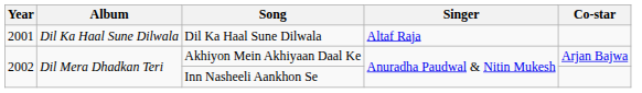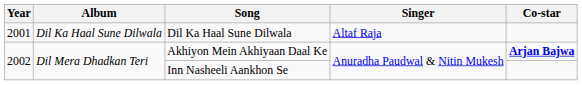 <table class="wikitable sortable" style="font-size:100%">
 <tr style="text-align:center;">
 <th>Year</th>
 <th>Album</th>
 <th>Song</th>
 <th>Singer</th>
 <th>Co-star</th>
 </tr>
 <tr>
 <td>2001</td>
 <td><em>Dil Ka Haal Sune Dilwala</em></td>
 <td>Dil Ka Haal Sune Dilwala</td>
 <td><a href='#'>Altaf Raja</a></td>
 <td></td>
 </tr>
 <tr>
 <td rowspan="2">2002</td>
 <td rowspan="2"><em>Dil Mera Dhadkan Teri</em></td>
 <td>Akhiyon Mein Akhiyaan Daal Ke</td>
 <td rowspan="2"><a href='#'>Anuradha Paudwal</a> & <a href='#'>Nitin Mukesh</a></td>
-<td><a href='#'>Arjan Bajwa</a></td>
+<td><strong><a href='#'>Arjan Bajwa</a></strong></td>
 </tr>
 <tr>
 <td>Inn Nasheeli Aankhon Se</td>
 <td></td>
 </tr>
 </table>
